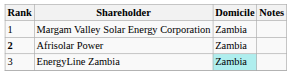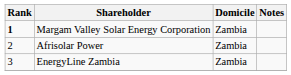 <table class="wikitable sortable" style="margin: 0.5em auto">
 <tr>
 <th>Rank</th>
 <th>Shareholder</th>
 <th>Domicile</th>
 <th>Notes</th>
 </tr>
 <tr>
-<td>1</td>
+<td><strong>1</strong></td>
 <td>Margam Valley Solar Energy Corporation</td>
 <td>Zambia</td>
 <td></td>
 </tr>
 <tr>
-<td><strong>2</strong></td>
+<td>2</td>
 <td>Afrisolar Power</td>
 <td>Zambia</td>
 <td></td>
 </tr>
 <tr>
 <td>3</td>
 <td>EnergyLine Zambia</td>
-<td style="background: paleturquoise;">Zambia</td>
+<td>Zambia</td>
 <td></td>
 </tr>
 <tr>
 </tr>
 </table>
